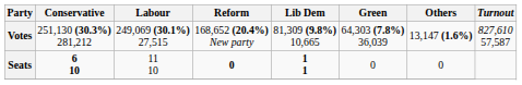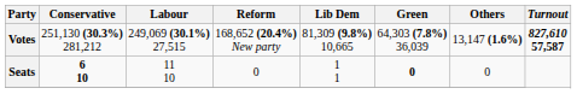 <table class="wikitable" style=text-align:center>
 <tr>
 <th>Party</th>
 <th style="background:">Conservative</th>
 <th style="background:">Labour</th>
 <th style="background:">Reform</th>
 <th style="background:">Lib Dem</th>
 <th style="background:">Green</th>
 <th>Others</th>
 <th><em>Turnout</em></th>
 </tr>
 <tr class="nowrap"|>
 <th>Votes</th>
 <td>251,130 <strong>(30.3%)</strong><br>281,212</td>
 <td>249,069 <strong>(30.1%)</strong><br>27,515</td>
 <td>168,652 <strong>(20.4%)</strong><br><em>New party</em></td>
 <td>81,309 <strong>(9.8%)</strong><br>10,665</td>
 <td>64,303 <strong>(7.8%)</strong><br>36,039</td>
 <td>13,147 <strong>(1.6%)</strong></td>
-<td><em>827,610</em><br>57,587</td>
+<td><strong><em>827,610</em><br>57,587</strong></td>
 </tr>
 <tr>
 <th>Seats</th>
 <td><strong>6<br>10</strong></td>
 <td>11<br>10</td>
+<td>0<br></td>
+<td>1<br>1</td>
 <td><strong>0<br></strong></td>
-<td><strong>1<br>1</strong></td>
-<td>0<br></td>
 <td>0<br></td>
 </tr>
 <tr>
 </tr>
 </table>
